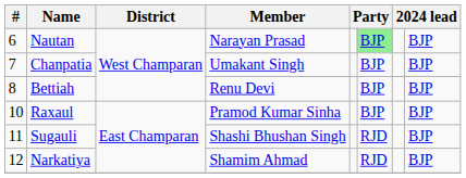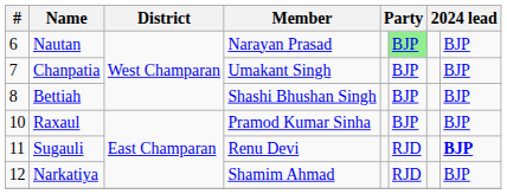 <table class="wikitable">
 <tr>
 <th>#</th>
 <th>Name</th>
 <th>District</th>
 <th>Member</th>
 <th colspan="2">Party</th>
 <th colspan="2">2024 lead</th>
 </tr>
 <tr>
 <td>6</td>
 <td><a href='#'>Nautan</a></td>
 <td rowspan="3"><a href='#'>West Champaran</a></td>
 <td><a href='#'>Narayan Prasad</a></td>
 <td style="background-color :"></td>
 <td style="background: lightgreen;"><a href='#'>BJP</a></td>
 <td style="background-color :"></td>
 <td><a href='#'>BJP</a></td>
 </tr>
 <tr>
 <td>7</td>
 <td><a href='#'>Chanpatia</a></td>
 <td><a href='#'>Umakant Singh</a></td>
 <td style="background-color :"></td>
 <td><a href='#'>BJP</a></td>
 <td style="background-color :"></td>
 <td><a href='#'>BJP</a></td>
 </tr>
 <tr>
 <td>8</td>
 <td><a href='#'>Bettiah</a></td>
-<td><a href='#'>Renu Devi</a></td>
+<td><a href='#'>Shashi Bhushan Singh</a></td>
 <td style="background-color :"></td>
 <td><a href='#'>BJP</a></td>
 <td style="background-color :"></td>
 <td><a href='#'>BJP</a></td>
 </tr>
 <tr>
 <td>10</td>
 <td><a href='#'>Raxaul</a></td>
 <td rowspan="3"><a href='#'>East Champaran</a></td>
 <td><a href='#'>Pramod Kumar Sinha</a></td>
 <td style="background-color :"></td>
 <td><a href='#'>BJP</a></td>
 <td style="background-color :"></td>
 <td><a href='#'>BJP</a></td>
 </tr>
 <tr>
 <td>11</td>
 <td><a href='#'>Sugauli</a></td>
-<td><a href='#'>Shashi Bhushan Singh</a></td>
+<td><a href='#'>Renu Devi</a></td>
 <td style="background-color :"></td>
 <td><a href='#'>RJD</a></td>
 <td style="background-color :"></td>
-<td><a href='#'>BJP</a></td>
+<td><strong><a href='#'>BJP</a></strong></td>
 </tr>
 <tr>
 <td>12</td>
 <td><a href='#'>Narkatiya</a></td>
 <td><a href='#'>Shamim Ahmad</a></td>
 <td style="background-color :"></td>
 <td><a href='#'>RJD</a></td>
 <td style="background-color :"></td>
 <td><a href='#'>BJP</a></td>
 </tr>
 <tr>
 </tr>
 </table>
